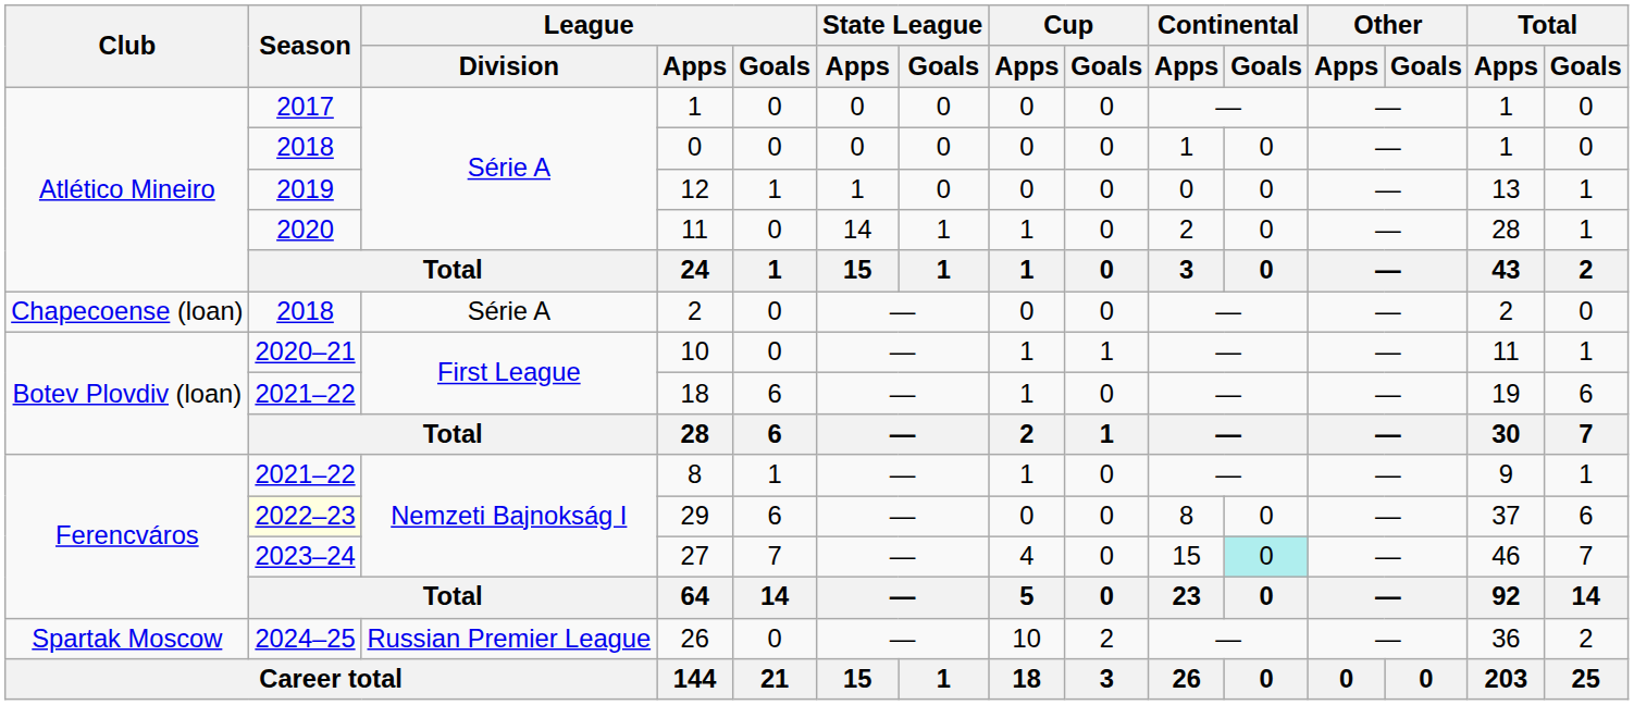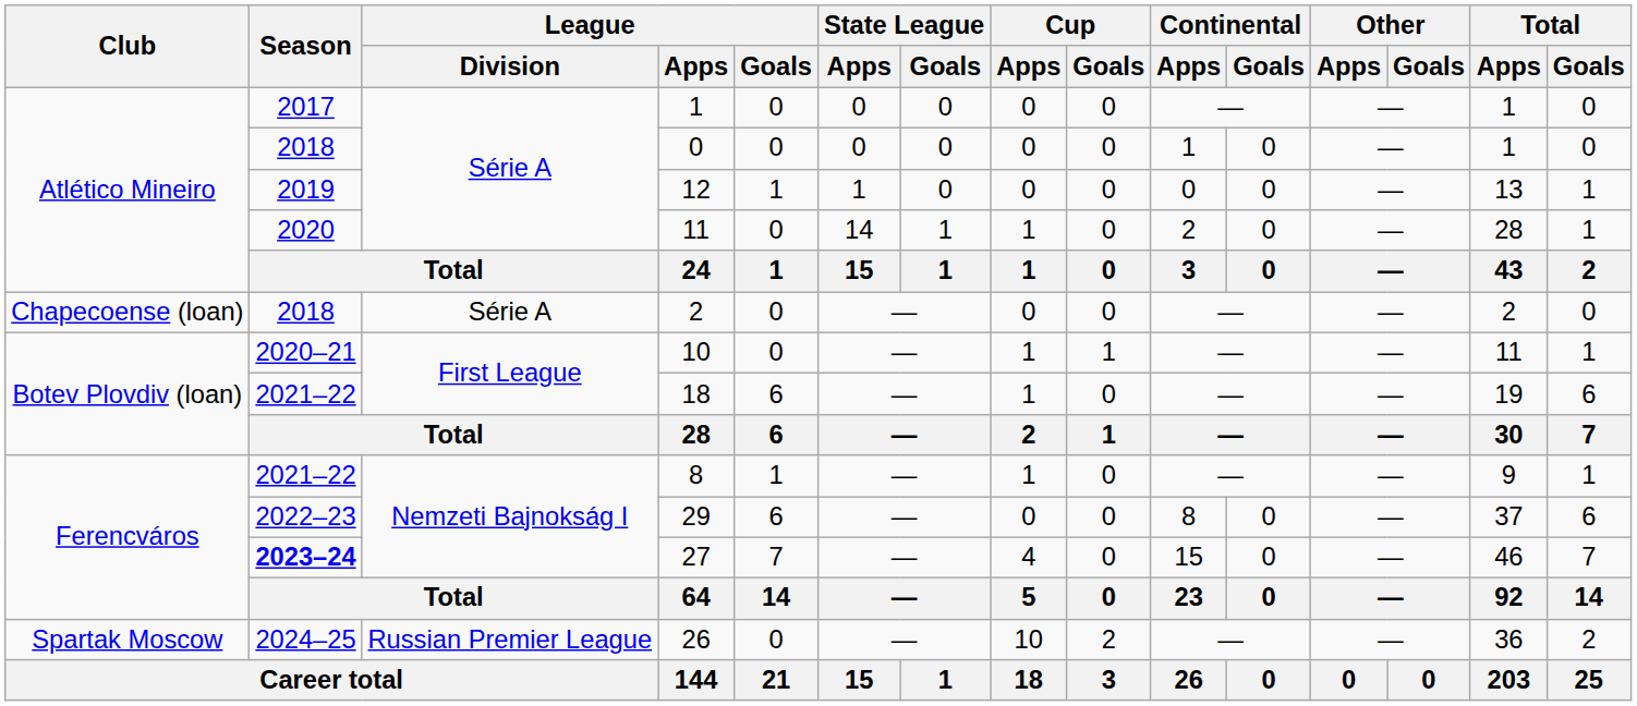 <table class="wikitable" style="text-align:center">
 <tr>
 <th rowspan="2">Club</th>
 <th rowspan="2">Season</th>
 <th colspan="3">League</th>
 <th colspan="2">State League</th>
 <th colspan="2">Cup</th>
 <th colspan="2">Continental</th>
 <th colspan="2">Other</th>
 <th colspan="2">Total</th>
 </tr>
 <tr>
 <th>Division</th>
 <th>Apps</th>
 <th>Goals</th>
 <th>Apps</th>
 <th>Goals</th>
 <th>Apps</th>
 <th>Goals</th>
 <th>Apps</th>
 <th>Goals</th>
 <th>Apps</th>
 <th>Goals</th>
 <th>Apps</th>
 <th>Goals</th>
 </tr>
 <tr>
 <td rowspan="5"><a href='#'>Atlético Mineiro</a></td>
 <td><a href='#'>2017</a></td>
 <td rowspan="4"><a href='#'>Série A</a></td>
 <td>1</td>
 <td>0</td>
 <td>0</td>
 <td>0</td>
 <td>0</td>
 <td>0</td>
 <td colspan="2">—</td>
 <td colspan="2">—</td>
 <td>1</td>
 <td>0</td>
 </tr>
 <tr>
 <td><a href='#'>2018</a></td>
 <td>0</td>
 <td>0</td>
 <td>0</td>
 <td>0</td>
 <td>0</td>
 <td>0</td>
 <td>1</td>
 <td>0</td>
 <td colspan="2">—</td>
 <td>1</td>
 <td>0</td>
 </tr>
 <tr>
 <td><a href='#'>2019</a></td>
 <td>12</td>
 <td>1</td>
 <td>1</td>
 <td>0</td>
 <td>0</td>
 <td>0</td>
 <td>0</td>
 <td>0</td>
 <td colspan="2">—</td>
 <td>13</td>
 <td>1</td>
 </tr>
 <tr>
 <td><a href='#'>2020</a></td>
 <td>11</td>
 <td>0</td>
 <td>14</td>
 <td>1</td>
 <td>1</td>
 <td>0</td>
 <td>2</td>
 <td>0</td>
 <td colspan="2">—</td>
 <td>28</td>
 <td>1</td>
 </tr>
 <tr>
 <th colspan="2">Total</th>
 <th>24</th>
 <th>1</th>
 <th>15</th>
 <th>1</th>
 <th>1</th>
 <th>0</th>
 <th>3</th>
 <th>0</th>
 <th colspan="2">—</th>
 <th>43</th>
 <th>2</th>
 </tr>
 <tr>
 <td><a href='#'>Chapecoense</a> (loan)</td>
 <td><a href='#'>2018</a></td>
 <td>Série A</td>
 <td>2</td>
 <td>0</td>
 <td colspan="2">—</td>
 <td>0</td>
 <td>0</td>
 <td colspan="2">—</td>
 <td colspan="2">—</td>
 <td>2</td>
 <td>0</td>
 </tr>
 <tr>
 <td rowspan="3"><a href='#'>Botev Plovdiv</a> (loan)</td>
 <td><a href='#'>2020–21</a></td>
 <td rowspan="2"><a href='#'>First League</a></td>
 <td>10</td>
 <td>0</td>
 <td colspan="2">—</td>
 <td>1</td>
 <td>1</td>
 <td colspan="2">—</td>
 <td colspan="2">—</td>
 <td>11</td>
 <td>1</td>
 </tr>
 <tr>
 <td><a href='#'>2021–22</a></td>
 <td>18</td>
 <td>6</td>
 <td colspan="2">—</td>
 <td>1</td>
 <td>0</td>
 <td colspan="2">—</td>
 <td colspan="2">—</td>
 <td>19</td>
 <td>6</td>
 </tr>
 <tr>
 <th colspan="2">Total</th>
 <th>28</th>
 <th>6</th>
 <th colspan="2">—</th>
 <th>2</th>
 <th>1</th>
 <th colspan="2">—</th>
 <th colspan="2">—</th>
 <th>30</th>
 <th>7</th>
 </tr>
 <tr>
 <td rowspan="4"><a href='#'>Ferencváros</a></td>
 <td><a href='#'>2021–22</a></td>
 <td rowspan="3"><a href='#'>Nemzeti Bajnokság I</a></td>
 <td>8</td>
 <td>1</td>
 <td colspan="2">—</td>
 <td>1</td>
 <td>0</td>
 <td colspan="2">—</td>
 <td colspan="2">—</td>
 <td>9</td>
 <td>1</td>
 </tr>
 <tr>
-<td style="background: lightyellow;"><a href='#'>2022–23</a></td>
+<td><a href='#'>2022–23</a></td>
 <td>29</td>
 <td>6</td>
 <td colspan="2">—</td>
 <td>0</td>
 <td>0</td>
 <td>8</td>
 <td>0</td>
 <td colspan="2">—</td>
 <td>37</td>
 <td>6</td>
 </tr>
 <tr>
-<td><a href='#'>2023–24</a></td>
+<td><strong><a href='#'>2023–24</a></strong></td>
 <td>27</td>
 <td>7</td>
 <td colspan="2">—</td>
 <td>4</td>
 <td>0</td>
 <td>15</td>
-<td style="background: paleturquoise;">0</td>
+<td>0</td>
 <td colspan="2">—</td>
 <td>46</td>
 <td>7</td>
 </tr>
 <tr>
 <th colspan="2">Total</th>
 <th>64</th>
 <th>14</th>
 <th colspan="2">—</th>
 <th>5</th>
 <th>0</th>
 <th>23</th>
 <th>0</th>
 <th colspan="2">—</th>
 <th>92</th>
 <th>14</th>
 </tr>
 <tr>
 <td><a href='#'>Spartak Moscow</a></td>
 <td><a href='#'>2024–25</a></td>
 <td><a href='#'>Russian Premier League</a></td>
 <td>26</td>
 <td>0</td>
 <td colspan="2">—</td>
 <td>10</td>
 <td>2</td>
 <td colspan="2">—</td>
 <td colspan="2">—</td>
 <td>36</td>
 <td>2</td>
 </tr>
 <tr>
 <th colspan="3">Career total</th>
 <th>144</th>
 <th>21</th>
 <th>15</th>
 <th>1</th>
 <th>18</th>
 <th>3</th>
 <th>26</th>
 <th>0</th>
 <th>0</th>
 <th>0</th>
 <th>203</th>
 <th>25</th>
 </tr>
 </table>
